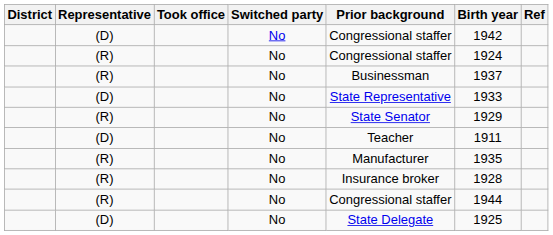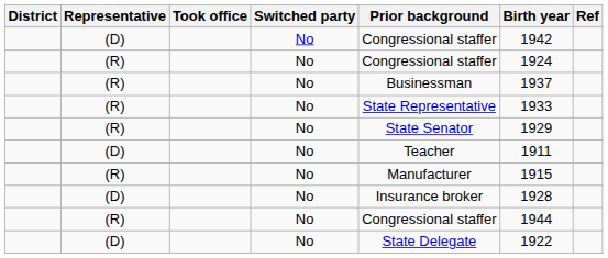 <table class="sortable wikitable" style="text-align:center">
 <tr>
 <th>District</th>
 <th>Representative</th>
 <th>Took office</th>
 <th>Switched party</th>
 <th>Prior background</th>
 <th>Birth year</th>
 <th>Ref</th>
 </tr>
 <tr>
 <td></td>
 <td> (D)</td>
 <td></td>
 <td><a href='#'>No</a></td>
 <td>Congressional staffer</td>
 <td>1942</td>
 <td></td>
 </tr>
 <tr>
 <td></td>
 <td> (R)</td>
 <td></td>
 <td>No</td>
 <td>Congressional staffer</td>
 <td>1924</td>
 <td></td>
 </tr>
 <tr>
 <td></td>
 <td> (R)</td>
 <td></td>
 <td>No</td>
 <td>Businessman</td>
 <td>1937</td>
 <td></td>
 </tr>
 <tr>
 <td></td>
-<td> (D)</td>
+<td> (R)</td>
 <td></td>
 <td>No</td>
 <td><a href='#'>State Representative</a></td>
 <td>1933</td>
 <td></td>
 </tr>
 <tr>
 <td></td>
 <td> (R)</td>
 <td></td>
 <td>No</td>
 <td><a href='#'>State Senator</a></td>
 <td>1929</td>
 <td></td>
 </tr>
 <tr>
 <td></td>
 <td> (D)</td>
 <td></td>
 <td>No</td>
 <td>Teacher</td>
 <td>1911</td>
 <td></td>
 </tr>
 <tr>
 <td></td>
 <td> (R)</td>
 <td></td>
 <td>No</td>
 <td>Manufacturer</td>
-<td>1935</td>
+<td>1915</td>
 <td></td>
 </tr>
 <tr>
 <td></td>
-<td> (R)</td>
+<td> (D)</td>
 <td></td>
 <td>No</td>
 <td>Insurance broker</td>
 <td>1928</td>
 <td></td>
 </tr>
 <tr>
 <td></td>
 <td> (R)</td>
 <td></td>
 <td>No</td>
 <td>Congressional staffer</td>
 <td>1944</td>
 <td></td>
 </tr>
 <tr>
 <td></td>
 <td> (D)</td>
 <td></td>
 <td>No</td>
 <td><a href='#'>State Delegate</a></td>
-<td>1925</td>
+<td>1922</td>
 <td></td>
 </tr>
 </table>
